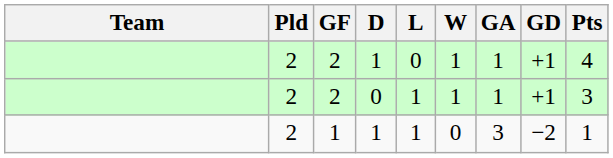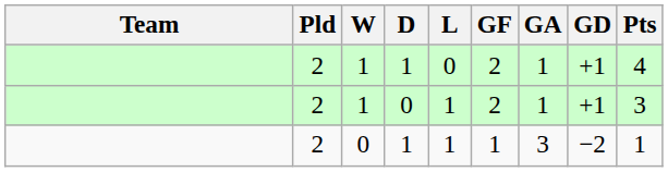 <table class="wikitable" style="text-align:center;">
 <tr>
 <th width=175>Team</th>
 <th width=20 abbr="Played">Pld</th>
-<th width=20 abbr="Goals for">GF</th>
+<th width=20 abbr="Won">W</th>
 <th width=20 abbr="Drawn">D</th>
 <th width=20 abbr="Lost">L</th>
-<th width=20 abbr="Won">W</th>
+<th width=20 abbr="Goals for">GF</th>
 <th width=20 abbr="Goals against">GA</th>
 <th width=20 abbr="Goal difference">GD</th>
 <th width=20 abbr="Points">Pts</th>
 </tr>
 <tr ---- align="center" bgcolor="ccffcc">
 <td align="left"></td>
 <td>2</td>
-<td>2</td>
+<td>1</td>
 <td>1</td>
 <td>0</td>
-<td>1</td>
+<td>2</td>
 <td>1</td>
 <td>+1</td>
 <td>4</td>
 </tr>
 <tr ---- align="center" bgcolor="ccffcc">
 <td align="left"></td>
 <td>2</td>
-<td>2</td>
+<td>1</td>
 <td>0</td>
 <td>1</td>
-<td>1</td>
+<td>2</td>
 <td>1</td>
 <td>+1</td>
 <td>3</td>
 </tr>
 <tr ---- align="center">
 <td align="left"></td>
 <td>2</td>
+<td>0</td>
 <td>1</td>
 <td>1</td>
 <td>1</td>
-<td>0</td>
 <td>3</td>
 <td>−2</td>
 <td>1</td>
 </tr>
 </table>
